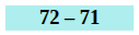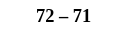 <table style="text-align:center">
 <tr>
 <th width=200></th>
 <th width=100></th>
 <th width=200></th>
 </tr>
 <tr>
 <td align=right><strong></strong></td>
-<td style="background: paleturquoise;"><strong>72 – 71</strong></td>
+<td><strong>72 – 71</strong></td>
 <td align=left></td>
 </tr>
 </table>
